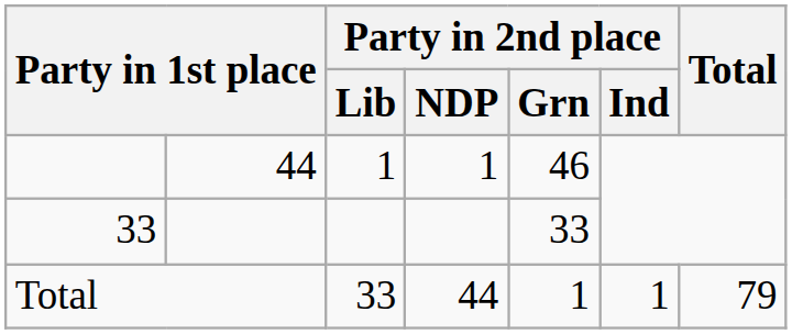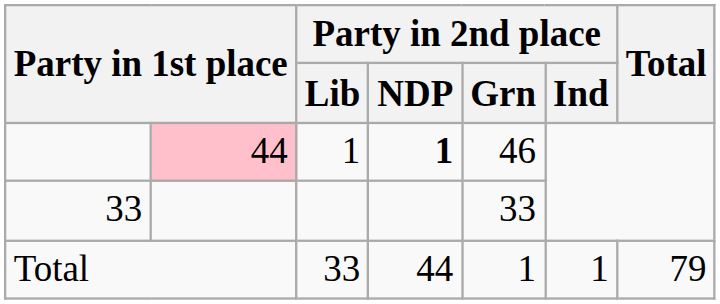 <table class="wikitable" style="text-align:right;">
 <tr>
 <th rowspan="2" colspan="2" style="text-align:left;">Party in 1st place</th>
 <th colspan="4">Party in 2nd place</th>
 <th rowspan="2">Total</th>
 </tr>
 <tr>
 <th>Lib</th>
 <th>NDP</th>
 <th>Grn</th>
 <th>Ind</th>
 </tr>
 <tr>
 <td></td>
-<td>44</td>
+<td style="background: pink;">44</td>
 <td>1</td>
-<td>1</td>
+<td><strong>1</strong></td>
 <td>46</td>
 </tr>
 <tr>
 <td>33</td>
 <td></td>
 <td></td>
 <td></td>
 <td>33</td>
 </tr>
 <tr>
 <td colspan="2" style="text-align:left;">Total</td>
 <td>33</td>
 <td>44</td>
 <td>1</td>
 <td>1</td>
 <td>79</td>
 </tr>
 </table>
